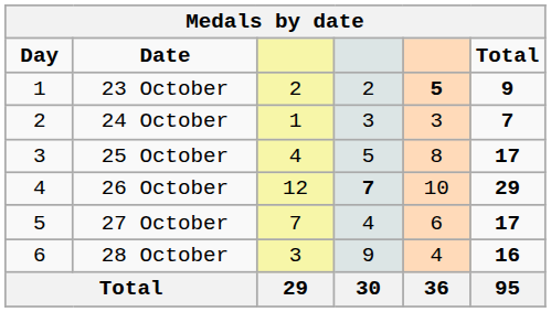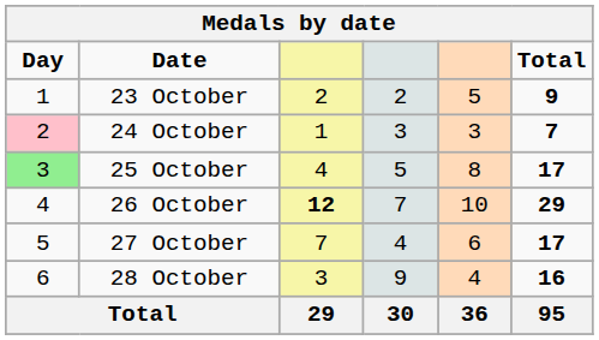 <table class="wikitable" style="font-size:85%; text-align:center;">
 <tr style="background:#efefef;">
 <th colspan=6><strong>Medals by date</strong></th>
 </tr>
 <tr>
 <td width=30><strong>Day</strong></td>
 <td width=90><strong>Date</strong></td>
 <td width=35 style="background:#F7F6A8;"></td>
 <td width=30 style="background:#DCE5E5;"></td>
 <td width=30 style="background:#FFDAB9;"></td>
 <td width=30><strong>Total</strong></td>
 </tr>
 <tr>
 <td>1</td>
 <td>23 October</td>
 <td style="background:#F7F6A8;">2</td>
 <td style="background:#DCE5E5;">2</td>
-<td style="background:#FFDAB9;"><strong>5</strong></td>
+<td style="background:#FFDAB9;">5</td>
 <td><strong>9</strong></td>
 </tr>
 <tr>
-<td>2</td>
+<td style="background: pink;">2</td>
 <td>24 October</td>
 <td style="background:#F7F6A8;">1</td>
 <td style="background:#DCE5E5;">3</td>
 <td style="background:#FFDAB9;">3</td>
 <td><strong>7</strong></td>
 </tr>
 <tr>
-<td>3</td>
+<td style="background: lightgreen;">3</td>
 <td>25 October</td>
 <td style="background:#F7F6A8;">4</td>
 <td style="background:#DCE5E5;">5</td>
 <td style="background:#FFDAB9;">8</td>
 <td><strong>17</strong></td>
 </tr>
 <tr>
 <td>4</td>
 <td>26 October</td>
-<td style="background:#F7F6A8;">12</td>
-<td style="background:#DCE5E5;"><strong>7</strong></td>
+<td style="background:#F7F6A8;"><strong>12</strong></td>
+<td style="background:#DCE5E5;">7</td>
 <td style="background:#FFDAB9;">10</td>
 <td><strong>29</strong></td>
 </tr>
 <tr>
 <td>5</td>
 <td>27 October</td>
 <td style="background:#F7F6A8;">7</td>
 <td style="background:#DCE5E5;">4</td>
 <td style="background:#FFDAB9;">6</td>
 <td><strong>17</strong></td>
 </tr>
 <tr>
 <td>6</td>
 <td>28 October</td>
 <td style="background:#F7F6A8;">3</td>
 <td style="background:#DCE5E5;">9</td>
 <td style="background:#FFDAB9;">4</td>
 <td><strong>16</strong></td>
 </tr>
 <tr>
 <th colspan="2"><strong>Total</strong></th>
 <th><strong>29</strong></th>
 <th><strong>30</strong></th>
 <th><strong>36</strong></th>
 <th><strong>95</strong></th>
 </tr>
 </table>
